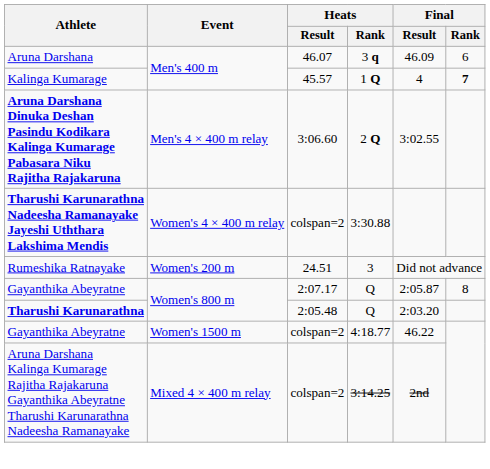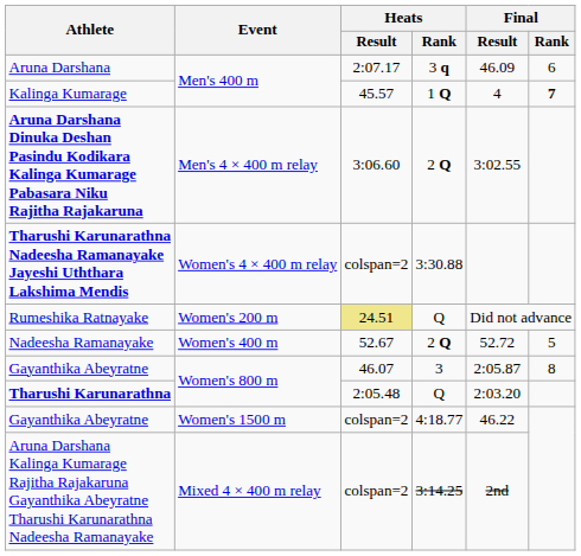 <table class="wikitable" style="font-size:90%">
 <tr>
 <th rowspan=2>Athlete</th>
 <th rowspan=2>Event</th>
 <th colspan=2>Heats</th>
 <th colspan=2>Final</th>
 </tr>
 <tr style="font-size:95%">
 <th>Result</th>
 <th>Rank</th>
 <th>Result</th>
 <th>Rank</th>
 </tr>
 <tr align=center>
 <td align=left><a href='#'>Aruna Darshana</a></td>
 <td align=left rowspan=2><a href='#'>Men's 400 m</a></td>
-<td>46.07</td>
+<td>2:07.17</td>
 <td>3 <strong>q</strong></td>
 <td>46.09</td>
 <td>6</td>
 </tr>
 <tr align=center>
 <td align=left><a href='#'>Kalinga Kumarage</a></td>
 <td>45.57</td>
 <td>1 <strong>Q</strong></td>
 <td>4</td>
 <td><strong>7</strong></td>
 </tr>
 <tr align=center>
 <td align=left><strong><a href='#'>Aruna Darshana</a><br><a href='#'>Dinuka Deshan</a><br><a href='#'>Pasindu Kodikara</a><br><a href='#'>Kalinga Kumarage</a><br><a href='#'>Pabasara Niku</a><br><a href='#'>Rajitha Rajakaruna</a></strong></td>
 <td align=left><a href='#'>Men's 4 × 400 m relay</a></td>
 <td>3:06.60</td>
 <td>2 <strong>Q</strong></td>
 <td>3:02.55</td>
 <td></td>
 </tr>
 <tr align=center>
 <td align=left><strong><a href='#'>Tharushi Karunarathna</a><br><a href='#'>Nadeesha Ramanayake</a><br><a href='#'>Jayeshi Uththara</a><br><a href='#'>Lakshima Mendis</a></strong></td>
 <td align=left><a href='#'>Women's 4 × 400 m relay</a></td>
 <td>colspan=2 </td>
 <td>3:30.88 </td>
 <td></td>
 </tr>
 <tr align=center>
 <td align=left><a href='#'>Rumeshika Ratnayake</a></td>
 <td align=left><a href='#'>Women's 200 m</a></td>
-<td>24.51</td>
-<td>3</td>
+<td style="background: khaki;">24.51</td>
+<td>Q</td>
 <td colspan=2>Did not advance</td>
+</tr>
+<tr align=center>
+<td align=left><a href='#'>Nadeesha Ramanayake</a></td>
+<td align=left><a href='#'>Women's 400 m</a></td>
+<td>52.67</td>
+<td>2 <strong>Q</strong></td>
+<td>52.72</td>
+<td>5</td>
 </tr>
 <tr align=center>
 <td align=left><a href='#'>Gayanthika Abeyratne</a></td>
 <td align=left rowspan=2><a href='#'>Women's 800 m</a></td>
-<td>2:07.17</td>
-<td>Q</td>
+<td>46.07</td>
+<td>3</td>
 <td>2:05.87</td>
 <td>8</td>
 </tr>
 <tr align=center>
 <td align=left><strong><a href='#'>Tharushi Karunarathna</a></strong></td>
 <td>2:05.48</td>
 <td>Q</td>
 <td>2:03.20</td>
 <td></td>
 </tr>
 <tr align=center>
 <td align=left><a href='#'>Gayanthika Abeyratne</a></td>
 <td align=left><a href='#'>Women's 1500 m</a></td>
 <td>colspan=2 </td>
 <td>4:18.77</td>
 <td>46.22</td>
 </tr>
 <tr align=center>
 <td align=left><a href='#'>Aruna Darshana</a><br><a href='#'>Kalinga Kumarage</a><br><a href='#'>Rajitha Rajakaruna</a><br><a href='#'>Gayanthika Abeyratne</a><br><a href='#'>Tharushi Karunarathna</a><br><a href='#'>Nadeesha Ramanayake</a></td>
 <td align=left><a href='#'>Mixed 4 × 400 m relay</a></td>
 <td>colspan=2 </td>
 <td><s>3:14.25</s><strong></strong></td>
 <td><s>2nd</s></td>
 </tr>
 </table>
